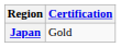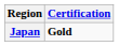 <table class="wikitable plainrowheaders">
 <tr>
 <th scope="col">Region</th>
 <th scope="col"><a href='#'>Certification</a></th>
 </tr>
 <tr>
 <th scope="row"><a href='#'>Japan</a></th>
-<td>Gold</td>
+<td><strong>Gold</strong></td>
 </tr>
 </table>
